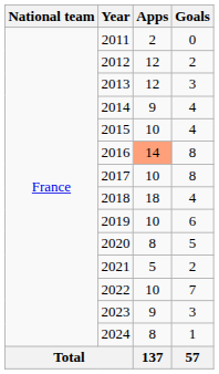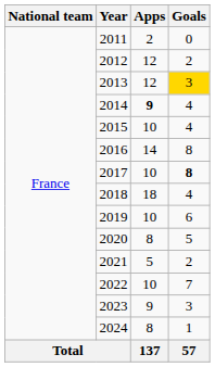 <table class="wikitable" style="text-align:center">
 <tr>
 <th>National team</th>
 <th>Year</th>
 <th>Apps</th>
 <th>Goals</th>
 </tr>
 <tr>
 <td rowspan="14"><a href='#'>France</a></td>
 <td>2011</td>
 <td>2</td>
 <td>0</td>
 </tr>
 <tr>
 <td>2012</td>
 <td>12</td>
 <td>2</td>
 </tr>
 <tr>
 <td>2013</td>
 <td>12</td>
-<td>3</td>
+<td style="background: gold;">3</td>
 </tr>
 <tr>
 <td>2014</td>
-<td>9</td>
+<td><strong>9</strong></td>
 <td>4</td>
 </tr>
 <tr>
 <td>2015</td>
 <td>10</td>
 <td>4</td>
 </tr>
 <tr>
 <td>2016</td>
-<td style="background: lightsalmon;">14</td>
+<td>14</td>
 <td>8</td>
 </tr>
 <tr>
 <td>2017</td>
 <td>10</td>
-<td>8</td>
+<td><strong>8</strong></td>
 </tr>
 <tr>
 <td>2018</td>
 <td>18</td>
 <td>4</td>
 </tr>
 <tr>
 <td>2019</td>
 <td>10</td>
 <td>6</td>
 </tr>
 <tr>
 <td>2020</td>
 <td>8</td>
 <td>5</td>
 </tr>
 <tr>
 <td>2021</td>
 <td>5</td>
 <td>2</td>
 </tr>
 <tr>
 <td>2022</td>
 <td>10</td>
 <td>7</td>
 </tr>
 <tr>
 <td>2023</td>
 <td>9</td>
 <td>3</td>
 </tr>
 <tr>
 <td>2024</td>
 <td>8</td>
 <td>1</td>
 </tr>
 <tr>
 <th colspan="2">Total</th>
 <th>137</th>
 <th>57</th>
 </tr>
 </table>
